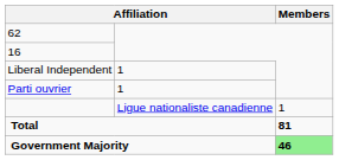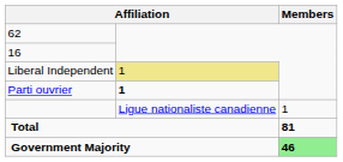 <table class="wikitable">
 <tr>
 <th colspan="2">Affiliation</th>
 <th>Members</th>
 </tr>
 <tr>
 <td>62</td>
 </tr>
 <tr>
 <td>16</td>
 </tr>
 <tr>
 <td align=left>Liberal Independent</td>
-<td>1</td>
+<td style="background: khaki;">1</td>
 </tr>
 <tr>
 <td align=left><a href='#'>Parti ouvrier</a></td>
-<td>1</td>
+<td><strong>1</strong></td>
 </tr>
 <tr>
 <td></td>
 <td><a href='#'>Ligue nationaliste canadienne</a></td>
 <td>1</td>
 </tr>
 <tr>
 <td colspan="2" rowspan="1" align=left> <strong>Total</strong><br></td>
 <td><strong>81</strong></td>
 </tr>
 <tr>
 <td colspan="2" rowspan="1" align=left> <strong>Government Majority</strong><br></td>
 <td style="background: lightgreen;"><strong>46</strong></td>
 </tr>
 </table>
